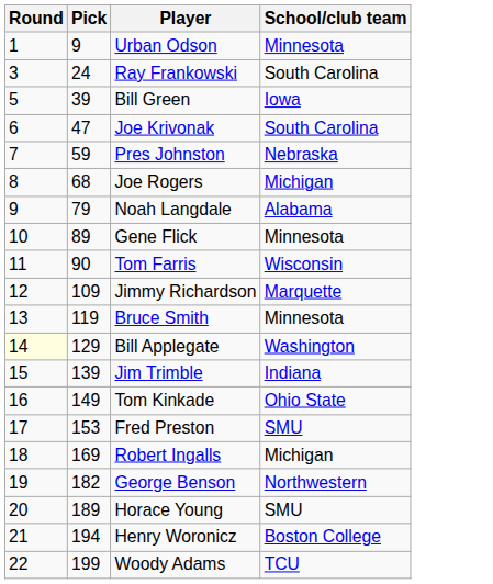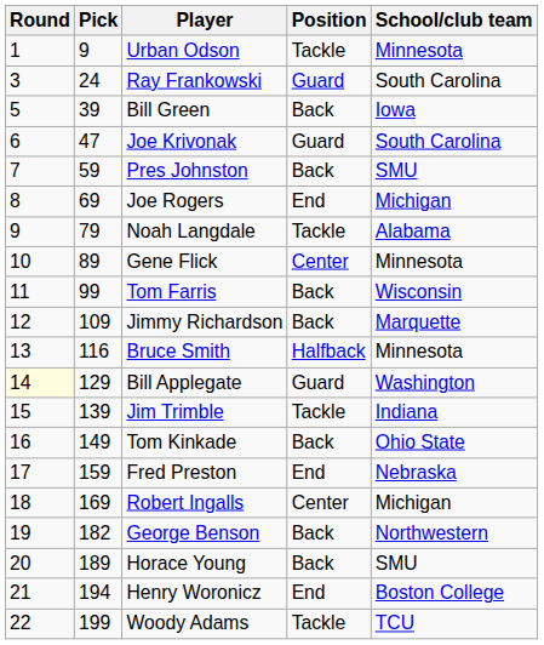 <table class="wikitable sortable sortable">
 <tr>
 <th>Round</th>
 <th>Pick</th>
 <th>Player</th>
+<th>Position</th>
 <th>School/club team</th>
 </tr>
 <tr>
 <td>1</td>
 <td>9</td>
 <td><a href='#'>Urban Odson</a></td>
+<td>Tackle</td>
 <td><a href='#'>Minnesota</a></td>
 </tr>
 <tr>
 <td>3</td>
 <td>24</td>
 <td><a href='#'>Ray Frankowski</a></td>
+<td><a href='#'>Guard</a></td>
 <td>South Carolina</td>
 </tr>
 <tr>
 <td>5</td>
 <td>39</td>
 <td>Bill Green</td>
+<td>Back</td>
 <td><a href='#'>Iowa</a></td>
 </tr>
 <tr>
 <td>6</td>
 <td>47</td>
 <td><a href='#'>Joe Krivonak</a></td>
+<td>Guard</td>
 <td><a href='#'>South Carolina</a></td>
 </tr>
 <tr>
 <td>7</td>
 <td>59</td>
 <td><a href='#'>Pres Johnston</a></td>
-<td><a href='#'>Nebraska</a></td>
+<td>Back</td>
+<td><a href='#'>SMU</a></td>
 </tr>
 <tr>
 <td>8</td>
-<td>68</td>
+<td>69</td>
 <td>Joe Rogers</td>
+<td>End</td>
 <td><a href='#'>Michigan</a></td>
 </tr>
 <tr>
 <td>9</td>
 <td>79</td>
 <td>Noah Langdale</td>
+<td>Tackle</td>
 <td><a href='#'>Alabama</a></td>
 </tr>
 <tr>
 <td>10</td>
 <td>89</td>
 <td>Gene Flick</td>
+<td><a href='#'>Center</a></td>
 <td>Minnesota</td>
 </tr>
 <tr>
 <td>11</td>
-<td>90</td>
+<td>99</td>
 <td><a href='#'>Tom Farris</a></td>
+<td>Back</td>
 <td><a href='#'>Wisconsin</a></td>
 </tr>
 <tr>
 <td>12</td>
 <td>109</td>
 <td>Jimmy Richardson</td>
+<td>Back</td>
 <td><a href='#'>Marquette</a></td>
 </tr>
 <tr>
 <td>13</td>
-<td>119</td>
+<td>116</td>
 <td><a href='#'>Bruce Smith</a></td>
+<td><a href='#'>Halfback</a></td>
 <td>Minnesota</td>
 </tr>
 <tr>
 <td style="background: lightyellow;">14</td>
 <td>129</td>
 <td>Bill Applegate</td>
+<td>Guard</td>
 <td><a href='#'>Washington</a></td>
 </tr>
 <tr>
 <td>15</td>
 <td>139</td>
 <td><a href='#'>Jim Trimble</a></td>
+<td>Tackle</td>
 <td><a href='#'>Indiana</a></td>
 </tr>
 <tr>
 <td>16</td>
 <td>149</td>
 <td>Tom Kinkade</td>
+<td>Back</td>
 <td><a href='#'>Ohio State</a></td>
 </tr>
 <tr>
 <td>17</td>
-<td>153</td>
+<td>159</td>
 <td>Fred Preston</td>
-<td><a href='#'>SMU</a></td>
+<td>End</td>
+<td><a href='#'>Nebraska</a></td>
 </tr>
 <tr>
 <td>18</td>
 <td>169</td>
 <td><a href='#'>Robert Ingalls</a></td>
+<td>Center</td>
 <td>Michigan</td>
 </tr>
 <tr>
 <td>19</td>
 <td>182</td>
 <td><a href='#'>George Benson</a></td>
+<td>Back</td>
 <td><a href='#'>Northwestern</a></td>
 </tr>
 <tr>
 <td>20</td>
 <td>189</td>
 <td>Horace Young</td>
+<td>Back</td>
 <td>SMU</td>
 </tr>
 <tr>
 <td>21</td>
 <td>194</td>
 <td>Henry Woronicz</td>
+<td>End</td>
 <td><a href='#'>Boston College</a></td>
 </tr>
 <tr>
 <td>22</td>
 <td>199</td>
 <td>Woody Adams</td>
+<td>Tackle</td>
 <td><a href='#'>TCU</a></td>
 </tr>
 </table>
